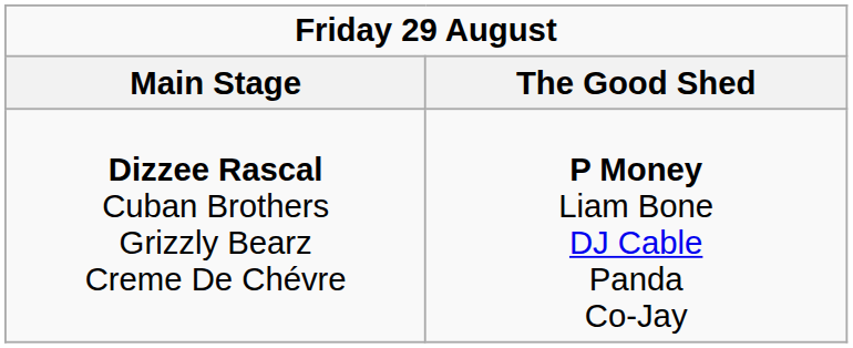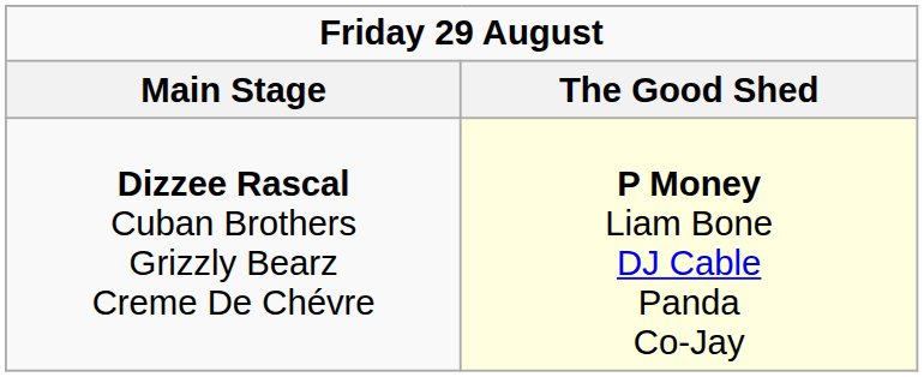 <table class="wikitable">
 <tr>
 <td colspan="2" style="text-align:center;"><strong>Friday 29 August</strong></td>
 </tr>
 <tr>
 <th>Main Stage</th>
 <th>The Good Shed</th>
 </tr>
 <tr>
 <td style="text-align:center; vertical-align:top; width:200px;"><br><strong>Dizzee Rascal</strong> <br>Cuban Brothers <br>Grizzly Bearz <br>Creme De Chévre</td>
-<td style="text-align:center; vertical-align:top; width:200px;"><br><strong>P Money</strong> <br>Liam Bone <br><a href='#'>DJ Cable</a> <br>Panda <br>Co-Jay</td>
+<td style="background: lightyellow; text-align:center; vertical-align:top; width:200px;"><br><strong>P Money</strong> <br>Liam Bone <br><a href='#'>DJ Cable</a> <br>Panda <br>Co-Jay</td>
 </tr>
 </table>
